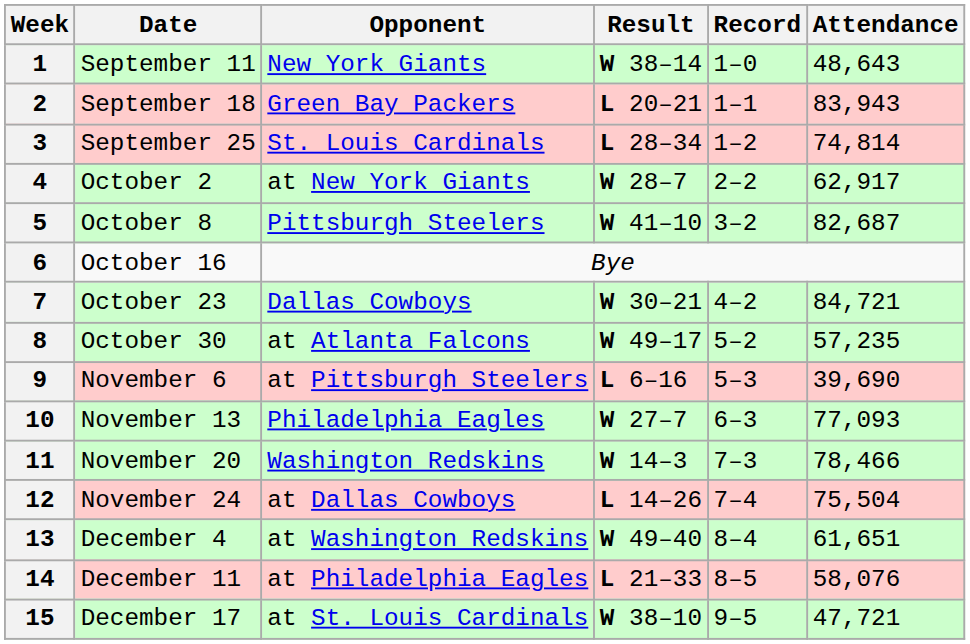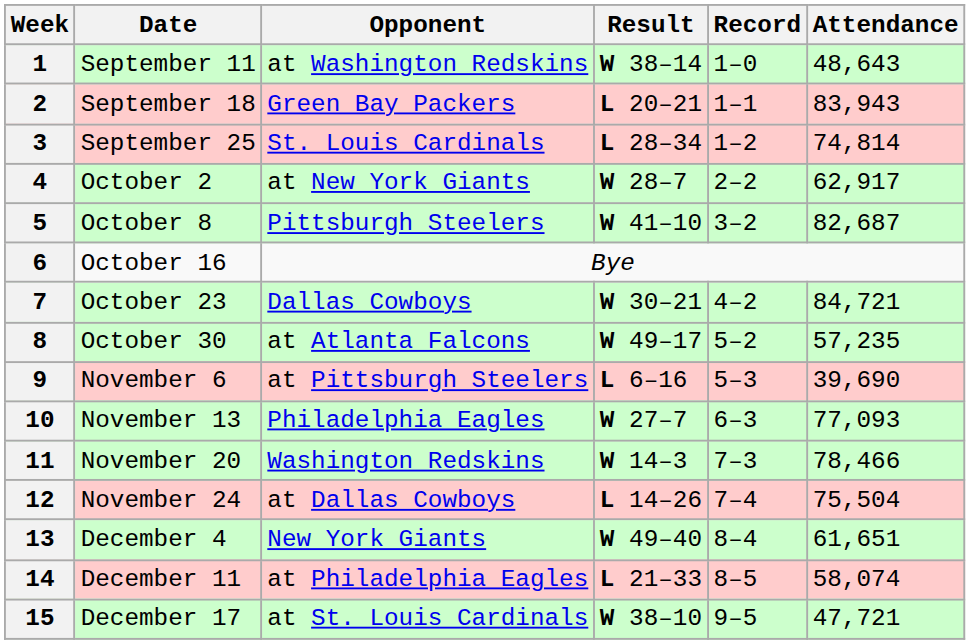 <table class="wikitable">
 <tr>
 <th>Week</th>
 <th>Date</th>
 <th>Opponent</th>
 <th>Result</th>
 <th>Record</th>
 <th>Attendance</th>
 </tr>
 <tr style="background:#cfc">
 <th>1</th>
 <td>September 11</td>
-<td><a href='#'>New York Giants</a></td>
+<td>at <a href='#'>Washington Redskins</a></td>
 <td><strong>W</strong> 38–14</td>
 <td>1–0</td>
 <td>48,643</td>
 </tr>
 <tr style="background:#fcc">
 <th>2</th>
 <td>September 18</td>
 <td><a href='#'>Green Bay Packers</a></td>
 <td><strong>L</strong> 20–21</td>
 <td>1–1</td>
 <td>83,943</td>
 </tr>
 <tr style="background:#fcc">
 <th>3</th>
 <td>September 25</td>
 <td><a href='#'>St. Louis Cardinals</a></td>
 <td><strong>L</strong> 28–34</td>
 <td>1–2</td>
 <td>74,814</td>
 </tr>
 <tr style="background:#cfc">
 <th>4</th>
 <td>October 2</td>
 <td>at <a href='#'>New York Giants</a></td>
 <td><strong>W</strong> 28–7</td>
 <td>2–2</td>
 <td>62,917</td>
 </tr>
 <tr style="background:#cfc">
 <th>5</th>
 <td>October 8</td>
 <td><a href='#'>Pittsburgh Steelers</a></td>
 <td><strong>W</strong> 41–10</td>
 <td>3–2</td>
 <td>82,687</td>
 </tr>
 <tr style="background:">
 <th>6</th>
 <td>October 16</td>
 <td colspan=4 align="center"><em>Bye</em></td>
 </tr>
 <tr style="background:#cfc">
 <th>7</th>
 <td>October 23</td>
 <td><a href='#'>Dallas Cowboys</a></td>
 <td><strong>W</strong> 30–21</td>
 <td>4–2</td>
 <td>84,721</td>
 </tr>
 <tr style="background:#cfc">
 <th>8</th>
 <td>October 30</td>
 <td>at <a href='#'>Atlanta Falcons</a></td>
 <td><strong>W</strong> 49–17</td>
 <td>5–2</td>
 <td>57,235</td>
 </tr>
 <tr style="background:#fcc">
 <th>9</th>
 <td>November 6</td>
 <td>at <a href='#'>Pittsburgh Steelers</a></td>
 <td><strong>L</strong> 6–16</td>
 <td>5–3</td>
 <td>39,690</td>
 </tr>
 <tr style="background:#cfc">
 <th>10</th>
 <td>November 13</td>
 <td><a href='#'>Philadelphia Eagles</a></td>
 <td><strong>W</strong> 27–7</td>
 <td>6–3</td>
 <td>77,093</td>
 </tr>
 <tr style="background:#cfc">
 <th>11</th>
 <td>November 20</td>
 <td><a href='#'>Washington Redskins</a></td>
 <td><strong>W</strong> 14–3</td>
 <td>7–3</td>
 <td>78,466</td>
 </tr>
 <tr style="background:#fcc">
 <th>12</th>
 <td>November 24</td>
 <td>at <a href='#'>Dallas Cowboys</a></td>
 <td><strong>L</strong> 14–26</td>
 <td>7–4</td>
 <td>75,504</td>
 </tr>
 <tr style="background:#cfc">
 <th>13</th>
 <td>December 4</td>
-<td>at <a href='#'>Washington Redskins</a></td>
+<td><a href='#'>New York Giants</a></td>
 <td><strong>W</strong> 49–40</td>
 <td>8–4</td>
 <td>61,651</td>
 </tr>
 <tr style="background:#fcc">
 <th>14</th>
 <td>December 11</td>
 <td>at <a href='#'>Philadelphia Eagles</a></td>
 <td><strong>L</strong> 21–33</td>
 <td>8–5</td>
-<td>58,076</td>
+<td>58,074</td>
 </tr>
 <tr style="background:#cfc">
 <th>15</th>
 <td>December 17</td>
 <td>at <a href='#'>St. Louis Cardinals</a></td>
 <td><strong>W</strong> 38–10</td>
 <td>9–5</td>
 <td>47,721</td>
 </tr>
 </table>
